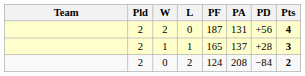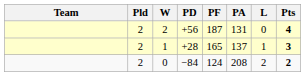 <table class=wikitable style="text-align:center">
 <tr>
 <th width=180>Team</th>
 <th width=30>Pld</th>
 <th width=30>W</th>
-<th width=30>L</th>
+<th width=30>PD</th>
 <th width=30>PF</th>
 <th width=30>PA</th>
-<th width=30>PD</th>
+<th width=30>L</th>
 <th width=30>Pts</th>
 </tr>
 <tr align=center bgcolor="#ffffcc">
 <td align="left"></td>
 <td>2</td>
 <td>2</td>
-<td>0</td>
+<td>+56</td>
 <td>187</td>
 <td>131</td>
-<td>+56</td>
+<td>0</td>
 <td><strong>4</strong></td>
 </tr>
 <tr align=center bgcolor="#ffffcc">
 <td align="left"></td>
 <td>2</td>
 <td>1</td>
-<td>1</td>
+<td>+28</td>
 <td>165</td>
 <td>137</td>
-<td>+28</td>
+<td>1</td>
 <td><strong>3</strong></td>
 </tr>
 <tr>
 <td align="left"></td>
 <td>2</td>
 <td>0</td>
-<td>2</td>
+<td>−84</td>
 <td>124</td>
 <td>208</td>
-<td>−84</td>
+<td>2</td>
 <td><strong>2</strong></td>
 </tr>
 </table>
